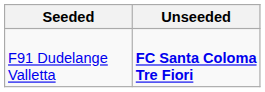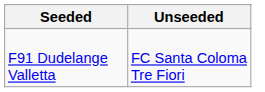 <table class="wikitable" style="font-size:80%">
 <tr>
 <th width=50%>Seeded</th>
 <th width=50%>Unseeded</th>
 </tr>
 <tr>
 <td valign=top><br> <a href='#'>F91 Dudelange</a><br>  <a href='#'>Valletta</a></td>
-<td valign=top><strong><br> <a href='#'>FC Santa Coloma</a><br>  <a href='#'>Tre Fiori</a></strong></td>
+<td valign=top><br> <a href='#'>FC Santa Coloma</a><br>  <a href='#'>Tre Fiori</a></td>
 </tr>
 </table>
